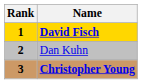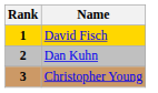 <table class="wikitable sortable">
 <tr>
 <th>Rank</th>
 <th>Name</th>
 </tr>
 <tr bgcolor="gold">
 <td align="center"><strong>1</strong></td>
-<td><strong><a href='#'>David Fisch</a></strong></td>
+<td><a href='#'>David Fisch</a></td>
 </tr>
 <tr bgcolor="silver">
 <td align="center"><strong>2</strong></td>
 <td><a href='#'>Dan Kuhn</a></td>
 </tr>
 <tr bgcolor="cc9966">
 <td align="center"><strong>3</strong></td>
-<td><strong><a href='#'>Christopher Young</a></strong></td>
+<td><a href='#'>Christopher Young</a></td>
 </tr>
 </table>
